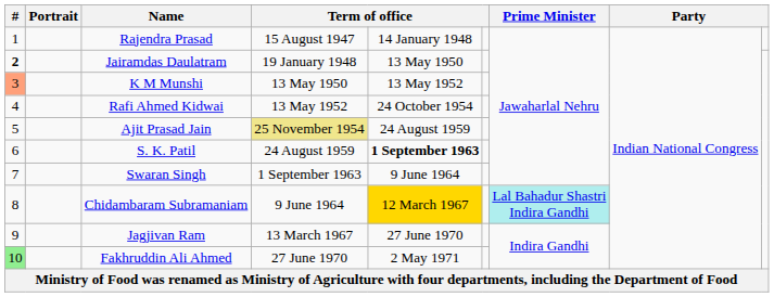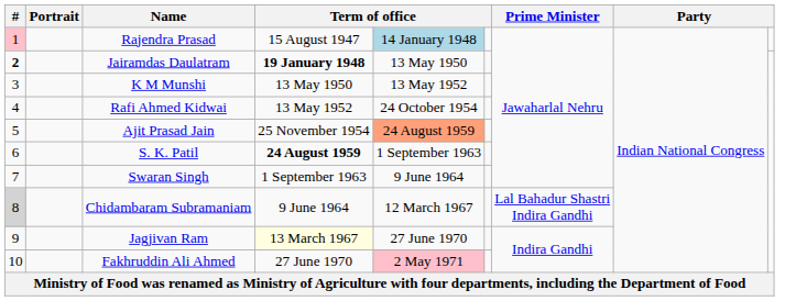 <table class="wikitable" style="text-align:center">
 <tr>
 <th>#</th>
 <th>Portrait</th>
 <th>Name</th>
 <th colspan="3">Term of office</th>
 <th><a href='#'>Prime Minister</a></th>
 <th colspan="2">Party</th>
 </tr>
 <tr>
-<td>1</td>
+<td style="background: pink;">1</td>
 <td></td>
 <td><a href='#'>Rajendra Prasad</a></td>
 <td>15 August 1947</td>
-<td>14 January 1948</td>
+<td style="background: lightblue;">14 January 1948</td>
 <td></td>
 <td rowspan="7"><a href='#'>Jawaharlal Nehru</a></td>
 <td rowspan="10"><a href='#'>Indian National Congress</a></td>
 <td></td>
 </tr>
 <tr>
 <td><strong>2</strong></td>
 <td></td>
 <td><a href='#'>Jairamdas Daulatram</a></td>
-<td>19 January 1948</td>
+<td><strong>19 January 1948</strong></td>
 <td>13 May 1950</td>
 <td></td>
 </tr>
 <tr>
-<td style="background: lightsalmon;">3</td>
+<td>3</td>
 <td></td>
 <td><a href='#'>K M Munshi</a></td>
 <td>13 May 1950</td>
 <td>13 May 1952</td>
 <td></td>
 </tr>
 <tr>
 <td>4</td>
 <td></td>
 <td><a href='#'>Rafi Ahmed Kidwai</a></td>
 <td>13 May 1952</td>
 <td>24 October 1954</td>
 <td></td>
 </tr>
 <tr>
 <td>5</td>
 <td></td>
 <td><a href='#'>Ajit Prasad Jain</a></td>
-<td style="background: khaki;">25 November 1954</td>
-<td>24 August 1959</td>
+<td>25 November 1954</td>
+<td style="background: lightsalmon;">24 August 1959</td>
 <td></td>
 </tr>
 <tr>
 <td>6</td>
 <td></td>
 <td><a href='#'>S. K. Patil</a></td>
-<td>24 August 1959</td>
-<td><strong>1 September 1963</strong></td>
+<td><strong>24 August 1959</strong></td>
+<td>1 September 1963</td>
 <td></td>
 </tr>
 <tr>
 <td>7</td>
 <td></td>
 <td><a href='#'>Swaran Singh</a></td>
 <td>1 September 1963</td>
 <td>9 June 1964</td>
 <td></td>
 </tr>
 <tr>
-<td>8</td>
+<td style="background: lightgrey;">8</td>
 <td></td>
 <td><a href='#'>Chidambaram Subramaniam</a></td>
 <td>9 June 1964</td>
-<td style="background: gold;">12 March 1967</td>
+<td>12 March 1967</td>
 <td></td>
-<td style="background: paleturquoise;"><a href='#'>Lal Bahadur Shastri</a><br><a href='#'>Indira Gandhi</a></td>
+<td><a href='#'>Lal Bahadur Shastri</a><br><a href='#'>Indira Gandhi</a></td>
 </tr>
 <tr>
 <td>9</td>
 <td></td>
 <td><a href='#'>Jagjivan Ram</a></td>
-<td>13 March 1967</td>
+<td style="background: lightyellow;">13 March 1967</td>
 <td>27 June 1970</td>
 <td></td>
 <td rowspan="2"><a href='#'>Indira Gandhi</a></td>
 </tr>
 <tr>
-<td style="background: lightgreen;">10</td>
+<td>10</td>
 <td></td>
 <td><a href='#'>Fakhruddin Ali Ahmed</a></td>
 <td>27 June 1970</td>
-<td>2 May 1971</td>
+<td style="background: pink;">2 May 1971</td>
 <td></td>
 </tr>
 <tr>
 <th colspan="9">Ministry of Food was renamed as Ministry of Agriculture with four departments, including the Department of Food</th>
 </tr>
 </table>
